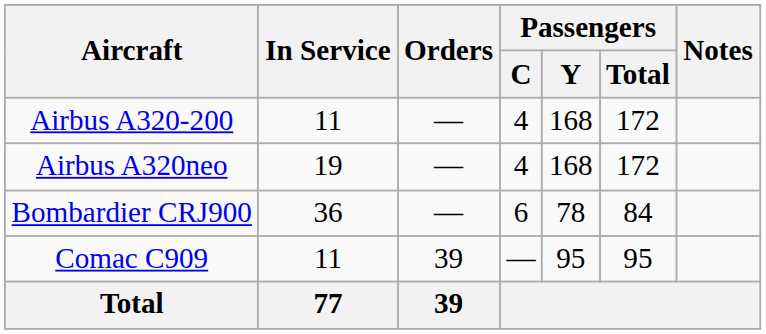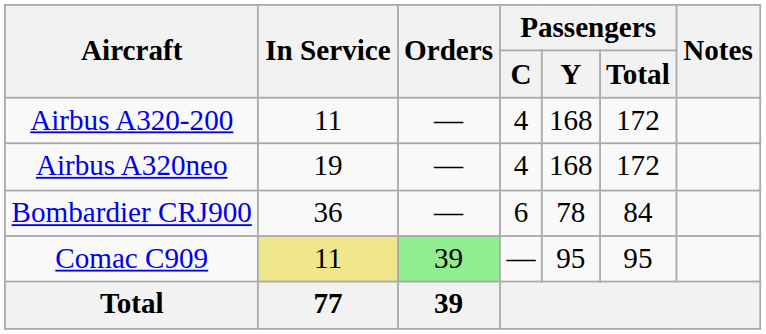 <table class="wikitable" style="border-collapse:collapse;text-align:center">
 <tr>
 <th rowspan="2">Aircraft</th>
 <th rowspan="2">In Service</th>
 <th rowspan="2">Orders</th>
 <th colspan="3">Passengers</th>
 <th rowspan="2">Notes</th>
 </tr>
 <tr>
 <th><abbr>C</abbr></th>
 <th><abbr>Y</abbr></th>
 <th>Total</th>
 </tr>
 <tr>
 <td><a href='#'>Airbus A320-200</a></td>
 <td>11</td>
 <td>—</td>
 <td>4</td>
 <td>168</td>
 <td>172</td>
 <td></td>
 </tr>
 <tr>
 <td><a href='#'>Airbus A320neo</a></td>
 <td>19</td>
 <td>—</td>
 <td>4</td>
 <td>168</td>
 <td>172</td>
 <td></td>
 </tr>
 <tr>
 <td><a href='#'>Bombardier CRJ900</a></td>
 <td>36</td>
 <td>—</td>
 <td>6</td>
 <td>78</td>
 <td>84</td>
 <td></td>
 </tr>
 <tr>
 <td><a href='#'>Comac C909</a></td>
-<td>11</td>
-<td>39</td>
+<td style="background: khaki;">11</td>
+<td style="background: lightgreen;">39</td>
 <td>—</td>
 <td>95</td>
 <td>95</td>
 <td></td>
 </tr>
 <tr>
 <th>Total</th>
 <th>77</th>
 <th>39</th>
 <th colspan="4"></th>
 </tr>
 </table>
